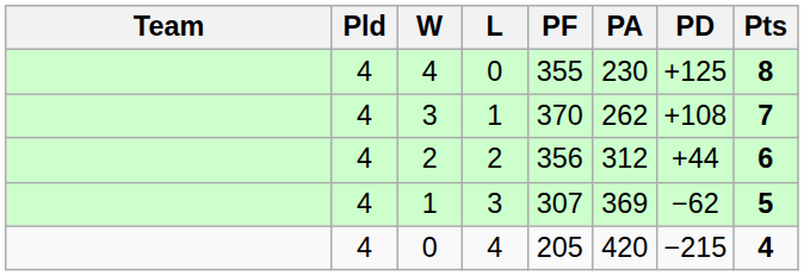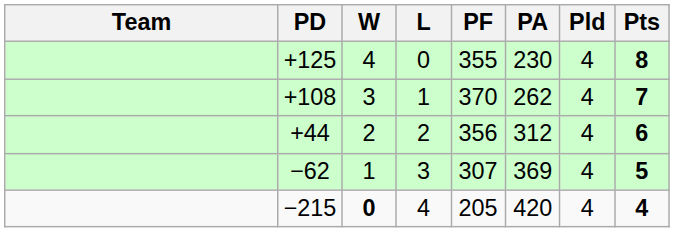 <table class=wikitable style="text-align:center">
 <tr>
 <th width=180>Team</th>
-<th width=30>Pld</th>
+<th width=30>PD</th>
 <th width=30>W</th>
 <th width=30>L</th>
 <th width=30>PF</th>
 <th width=30>PA</th>
-<th width=30>PD</th>
+<th width=30>Pld</th>
 <th width=30>Pts</th>
 </tr>
 <tr bgcolor="#ccffcc">
 <td align="left"></td>
-<td>4</td>
+<td>+125</td>
 <td>4</td>
 <td>0</td>
 <td>355</td>
 <td>230</td>
-<td>+125</td>
+<td>4</td>
 <td><strong>8</strong></td>
 </tr>
 <tr bgcolor="#ccffcc">
 <td align="left"></td>
-<td>4</td>
+<td>+108</td>
 <td>3</td>
 <td>1</td>
 <td>370</td>
 <td>262</td>
-<td>+108</td>
+<td>4</td>
 <td><strong>7</strong></td>
 </tr>
 <tr bgcolor="#ccffcc">
 <td align="left"></td>
-<td>4</td>
+<td>+44</td>
 <td>2</td>
 <td>2</td>
 <td>356</td>
 <td>312</td>
-<td>+44</td>
+<td>4</td>
 <td><strong>6</strong></td>
 </tr>
 <tr bgcolor="#ccffcc">
 <td align="left"></td>
-<td>4</td>
+<td>−62</td>
 <td>1</td>
 <td>3</td>
 <td>307</td>
 <td>369</td>
-<td>−62</td>
+<td>4</td>
 <td><strong>5</strong></td>
 </tr>
 <tr>
 <td align="left"></td>
-<td>4</td>
-<td>0</td>
+<td>−215</td>
+<td><strong>0</strong></td>
 <td>4</td>
 <td>205</td>
 <td>420</td>
-<td>−215</td>
+<td>4</td>
 <td><strong>4</strong></td>
 </tr>
 </table>
